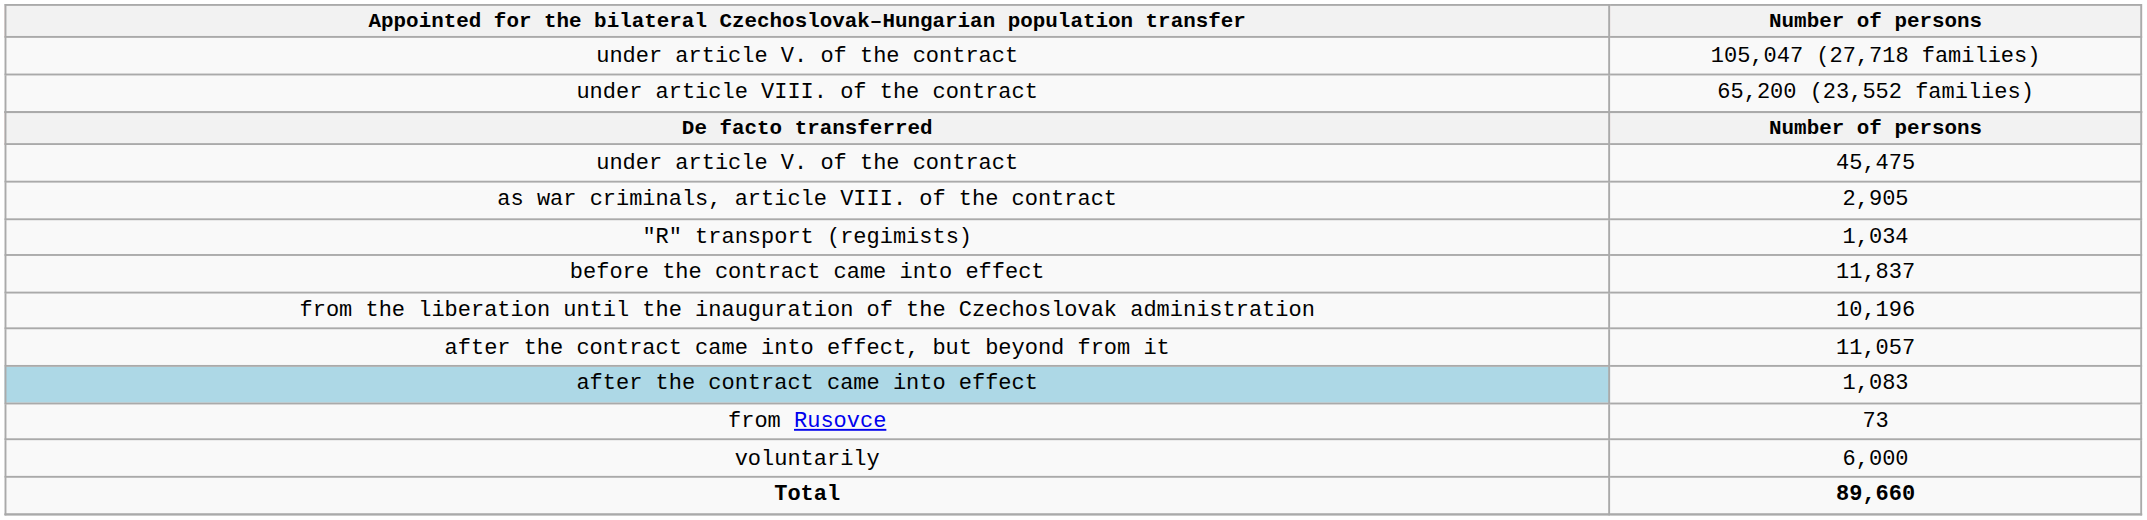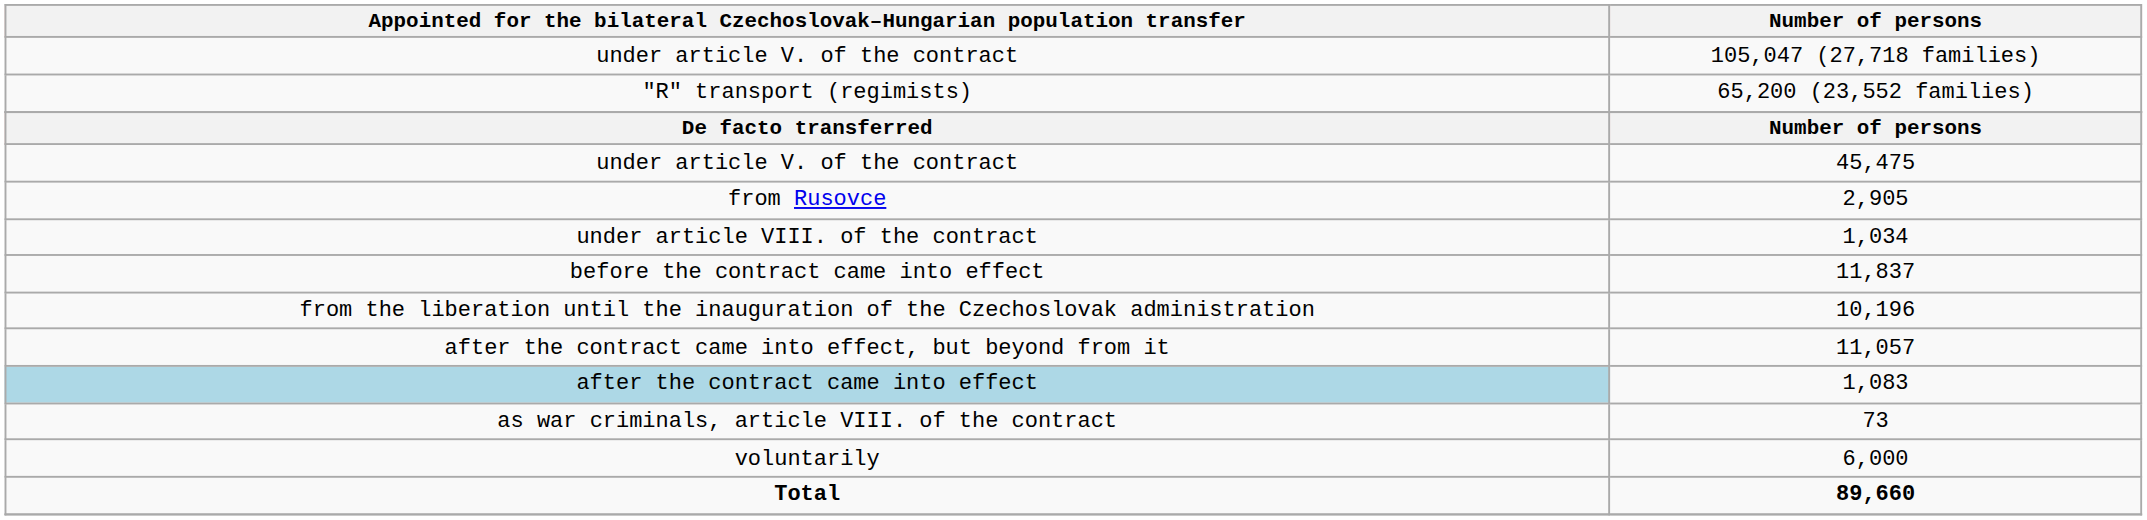 <table class="wikitable floatcenter" style="text-align:center;font-size:90%;width:90%;margin-left:1em">
 <tr style="background: #E5AFAA;text-align:center;font-size:95%;">
 <th abbr="Type">Appointed for the bilateral Czechoslovak–Hungarian population transfer</th>
 <th abbr="Frequency">Number of persons</th>
 </tr>
 <tr>
 <td>under article V. of the contract</td>
 <td>105,047 (27,718 families)</td>
 </tr>
 <tr>
-<td>under article VIII. of the contract</td>
+<td>"R" transport (regimists)</td>
 <td>65,200 (23,552 families)</td>
 </tr>
 <tr>
 </tr>
 <tr style="background: #E5AFAA;text-align:center;font-size:95%;">
 <th abbr="Type">De facto transferred</th>
 <th abbr="Frequency">Number of persons</th>
 </tr>
 <tr>
 <td>under article V. of the contract</td>
 <td>45,475</td>
 </tr>
 <tr>
-<td>as war criminals, article VIII. of the contract</td>
+<td>from <a href='#'>Rusovce</a></td>
 <td>2,905</td>
 </tr>
 <tr>
-<td>"R" transport (regimists)</td>
+<td>under article VIII. of the contract</td>
 <td>1,034</td>
 </tr>
 <tr>
 <td>before the contract came into effect</td>
 <td>11,837</td>
 </tr>
 <tr>
 <td>from the liberation until the inauguration of the Czechoslovak administration</td>
 <td>10,196</td>
 </tr>
 <tr>
 <td>after the contract came into effect, but beyond from it</td>
 <td>11,057</td>
 </tr>
 <tr>
 <td style="background: lightblue;">after the contract came into effect</td>
 <td>1,083</td>
 </tr>
 <tr>
-<td>from <a href='#'>Rusovce</a></td>
+<td>as war criminals, article VIII. of the contract</td>
 <td>73</td>
 </tr>
 <tr>
 <td>voluntarily</td>
 <td>6,000</td>
 </tr>
 <tr>
 <td><strong>Total</strong></td>
 <td><strong>89,660</strong></td>
 </tr>
 <tr>
 </tr>
 </table>
